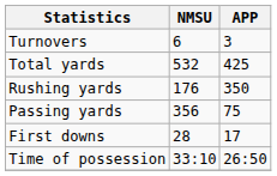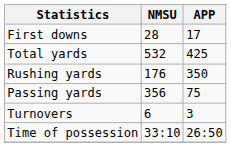 <table class="wikitable" style="float: left;">
 <tr>
 <th>Statistics</th>
 <th>NMSU</th>
 <th>APP</th>
 </tr>
 <tr>
-<td>Turnovers</td>
-<td>6</td>
-<td>3</td>
+<td>First downs</td>
+<td>28</td>
+<td>17</td>
 </tr>
 <tr>
 <td>Total yards</td>
 <td>532</td>
 <td>425</td>
 </tr>
 <tr>
 <td>Rushing yards</td>
 <td>176</td>
 <td>350</td>
 </tr>
 <tr>
 <td>Passing yards</td>
 <td>356</td>
 <td>75</td>
 </tr>
 <tr>
-<td>First downs</td>
-<td>28</td>
-<td>17</td>
+<td>Turnovers</td>
+<td>6</td>
+<td>3</td>
 </tr>
 <tr>
 <td>Time of possession</td>
 <td>33:10</td>
 <td>26:50</td>
 </tr>
 <tr>
 </tr>
 </table>
